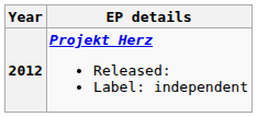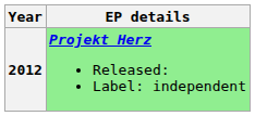 <table class="wikitable plainrowheaders" style="text-align:center;">
 <tr>
 <th>Year</th>
 <th>EP details</th>
 </tr>
 <tr>
 <th scope="row">2012</th>
-<td align=left><strong><em><a href='#'>Projekt Herz</a></em></strong><br><ul><li>Released: </li><li>Label: independent</li></ul></td>
+<td align=left style="background: lightgreen;"><strong><em><a href='#'>Projekt Herz</a></em></strong><br><ul><li>Released: </li><li>Label: independent</li></ul></td>
 </tr>
 <tr>
 </tr>
 </table>
